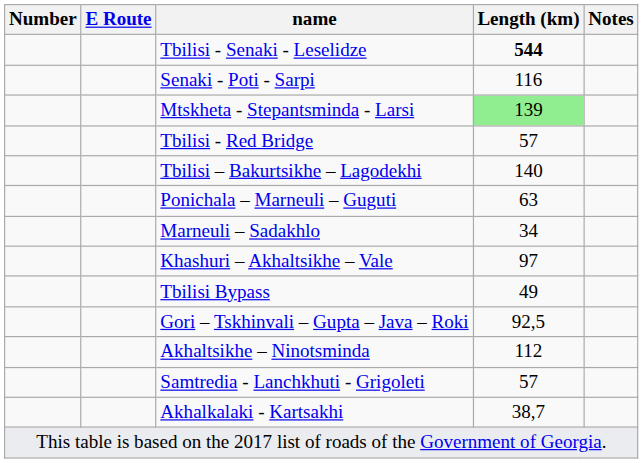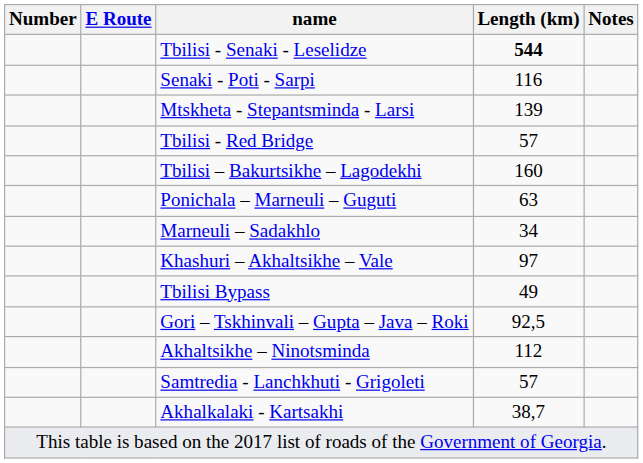 <table class="wikitable sortable">
 <tr>
 <th>Number</th>
 <th><a href='#'>E Route</a></th>
 <th class="unsortable">name</th>
 <th>Length (km)</th>
 <th class="unsortable">Notes</th>
 </tr>
 <tr>
 <td align="center"></td>
 <td>  </td>
 <td><a href='#'>Tbilisi</a> - <a href='#'>Senaki</a> - <a href='#'>Leselidze</a></td>
 <td align="center"><strong>544</strong></td>
 <td></td>
 </tr>
 <tr>
 <td align="center"></td>
 <td> </td>
 <td><a href='#'>Senaki</a> - <a href='#'>Poti</a> - <a href='#'>Sarpi</a></td>
 <td align="center">116</td>
 <td></td>
 </tr>
 <tr>
 <td align="center"></td>
 <td></td>
 <td><a href='#'>Mtskheta</a> - <a href='#'>Stepantsminda</a> - <a href='#'>Larsi</a></td>
-<td align="center" style="background: lightgreen;">139</td>
+<td align="center">139</td>
 <td></td>
 </tr>
 <tr>
 <td align="center"></td>
 <td> </td>
 <td><a href='#'>Tbilisi</a> - <a href='#'>Red Bridge</a></td>
 <td align="center">57</td>
 <td></td>
 </tr>
 <tr>
 <td align="center"></td>
 <td></td>
 <td><a href='#'>Tbilisi</a> – <a href='#'>Bakurtsikhe</a> – <a href='#'>Lagodekhi</a></td>
-<td align="center">140</td>
+<td align="center">160</td>
 <td></td>
 </tr>
 <tr>
 <td align="center"></td>
 <td></td>
 <td><a href='#'>Ponichala</a> – <a href='#'>Marneuli</a> – <a href='#'>Guguti</a></td>
 <td align="center">63</td>
 <td></td>
 </tr>
 <tr>
 <td align="center"></td>
 <td></td>
 <td><a href='#'>Marneuli</a> – <a href='#'>Sadakhlo</a></td>
 <td align="center">34</td>
 <td></td>
 </tr>
 <tr>
 <td align="center"></td>
 <td></td>
 <td><a href='#'>Khashuri</a> – <a href='#'>Akhaltsikhe</a> – <a href='#'>Vale</a></td>
 <td align="center">97</td>
 <td></td>
 </tr>
 <tr>
 <td align="center"></td>
 <td> </td>
 <td><a href='#'>Tbilisi Bypass</a></td>
 <td align="center">49</td>
 <td></td>
 </tr>
 <tr>
 <td align="center"></td>
 <td></td>
 <td><a href='#'>Gori</a> – <a href='#'>Tskhinvali</a> – <a href='#'>Gupta</a> – <a href='#'>Java</a> – <a href='#'>Roki</a></td>
 <td align="center">92,5</td>
 <td></td>
 </tr>
 <tr>
 <td align="center"></td>
 <td></td>
 <td><a href='#'>Akhaltsikhe</a> – <a href='#'>Ninotsminda</a></td>
 <td align="center">112</td>
 <td></td>
 </tr>
 <tr>
 <td align="center"></td>
 <td></td>
 <td><a href='#'>Samtredia</a> - <a href='#'>Lanchkhuti</a> - <a href='#'>Grigoleti</a></td>
 <td align="center">57</td>
 <td></td>
 </tr>
 <tr>
 <td align="center"></td>
 <td></td>
 <td><a href='#'>Akhalkalaki</a> - <a href='#'>Kartsakhi</a></td>
 <td align="center">38,7</td>
 <td></td>
 </tr>
 <tr>
 <td colspan=8 class="wikitable" style="align:center;text-align:center;background-color:#eaecf0">This table is based on the 2017 list of roads of the <a href='#'>Government of Georgia</a>.</td>
 </tr>
 </table>
